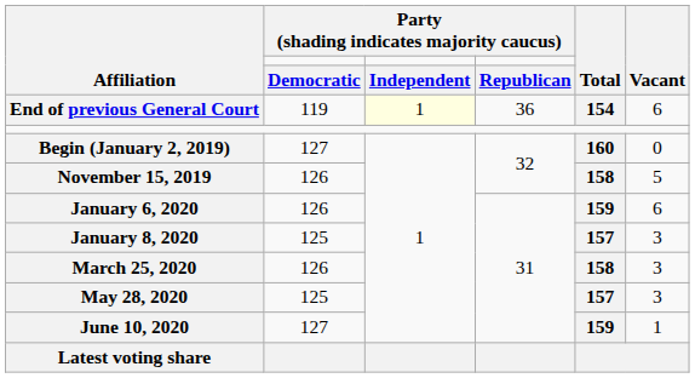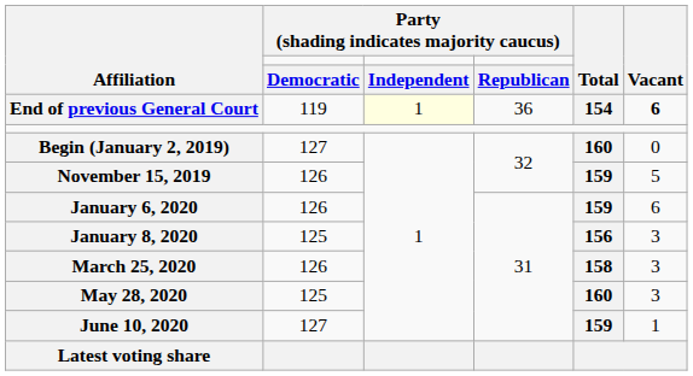 <table class="wikitable" style="text-align:center">
 <tr style="vertical-align:bottom">
 <th rowspan=3>Affiliation</th>
 <th colspan=3>Party<div>(shading indicates majority caucus)</div></th>
 <th rowspan=3>Total</th>
 <th rowspan=3>Vacant</th>
 </tr>
 <tr style="height:5px">
 <td style="background-color:"></td>
 <td style="background-color:"></td>
 <td style="background-color:"></td>
 </tr>
 <tr>
 <th><a href='#'>Democratic</a></th>
 <th><a href='#'>Independent</a></th>
 <th><a href='#'>Republican</a></th>
 </tr>
 <tr>
 <th>End of <a href='#'>previous General Court</a></th>
 <td>119</td>
 <td style="background: lightyellow;">1</td>
 <td>36</td>
 <th>154</th>
-<td>6</td>
+<td><strong>6</strong></td>
 </tr>
 <tr>
 <td colspan=8></td>
 </tr>
 <tr>
 <th>Begin (January 2, 2019)</th>
 <td>127</td>
 <td rowspan=7>1</td>
 <td rowspan=2>32</td>
 <th>160</th>
 <td>0</td>
 </tr>
 <tr>
 <th>November 15, 2019</th>
 <td>126</td>
-<th>158</th>
+<th>159</th>
 <td>5</td>
 </tr>
 <tr>
 <th>January 6, 2020</th>
 <td>126</td>
 <td rowspan=5>31</td>
 <th>159</th>
 <td>6</td>
 </tr>
 <tr>
 <th>January 8, 2020</th>
 <td>125</td>
-<th>157</th>
+<th>156</th>
 <td>3</td>
 </tr>
 <tr>
 <th>March 25, 2020</th>
 <td>126</td>
 <th>158</th>
 <td>3</td>
 </tr>
 <tr>
 <th>May 28, 2020</th>
 <td>125</td>
-<th>157</th>
+<th>160</th>
 <td>3</td>
 </tr>
 <tr>
 <th>June 10, 2020</th>
 <td>127</td>
 <th>159</th>
 <td>1</td>
 </tr>
 <tr>
 <th>Latest voting share</th>
 <th></th>
 <th></th>
 <th></th>
 <th colspan=2></th>
 </tr>
 </table>
